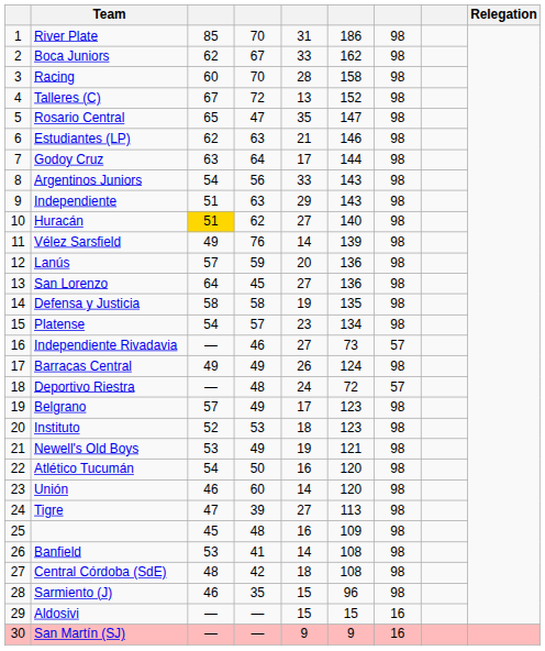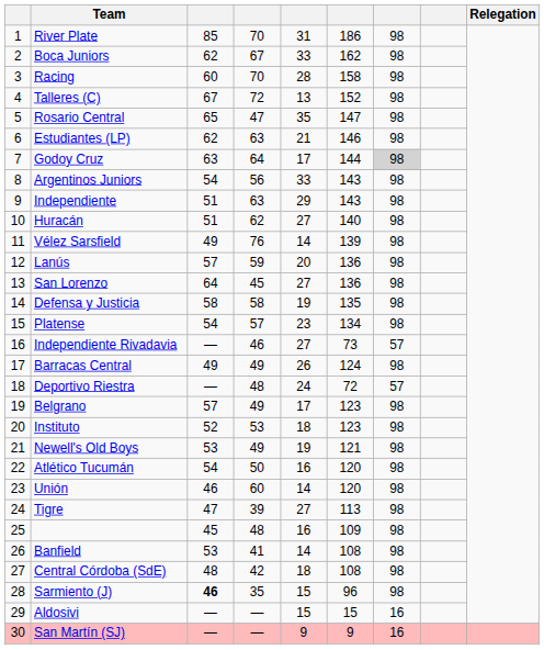 <table class="wikitable sortable" style="text-align: center;">
 <tr>
 <th width=25></th>
 <th width=185>Team</th>
 <th width=50></th>
 <th width=50></th>
 <th width=50></th>
 <th width=50></th>
 <th width=50></th>
 <th width=50></th>
 <th>Relegation</th>
 </tr>
 <tr>
 <td>1</td>
 <td align="left"><a href='#'>River Plate</a></td>
 <td>85</td>
 <td>70</td>
 <td>31</td>
 <td>186</td>
 <td>98</td>
 <td><strong></strong></td>
 <td rowspan=29></td>
 </tr>
 <tr>
 <td>2</td>
 <td align="left"><a href='#'>Boca Juniors</a></td>
 <td>62</td>
 <td>67</td>
 <td>33</td>
 <td>162</td>
 <td>98</td>
 <td><strong></strong></td>
 </tr>
 <tr>
 <td>3</td>
 <td align="left"><a href='#'>Racing</a></td>
 <td>60</td>
 <td>70</td>
 <td>28</td>
 <td>158</td>
 <td>98</td>
 <td><strong></strong></td>
 </tr>
 <tr>
 <td>4</td>
 <td align="left"><a href='#'>Talleres (C)</a></td>
 <td>67</td>
 <td>72</td>
 <td>13</td>
 <td>152</td>
 <td>98</td>
 <td><strong></strong></td>
 </tr>
 <tr>
 <td>5</td>
 <td align="left"><a href='#'>Rosario Central</a></td>
 <td>65</td>
 <td>47</td>
 <td>35</td>
 <td>147</td>
 <td>98</td>
 <td><strong></strong></td>
 </tr>
 <tr>
 <td>6</td>
 <td align="left"><a href='#'>Estudiantes (LP)</a></td>
 <td>62</td>
 <td>63</td>
 <td>21</td>
 <td>146</td>
 <td>98</td>
 <td><strong></strong></td>
 </tr>
 <tr>
 <td>7</td>
 <td align="left"><a href='#'>Godoy Cruz</a></td>
 <td>63</td>
 <td>64</td>
 <td>17</td>
 <td>144</td>
-<td>98</td>
+<td style="background: lightgrey;">98</td>
 <td><strong></strong></td>
 </tr>
 <tr>
 <td>8</td>
 <td align="left"><a href='#'>Argentinos Juniors</a></td>
 <td>54</td>
 <td>56</td>
 <td>33</td>
 <td>143</td>
 <td>98</td>
 <td><strong></strong></td>
 </tr>
 <tr>
 <td>9</td>
 <td align="left"><a href='#'>Independiente</a></td>
 <td>51</td>
 <td>63</td>
 <td>29</td>
 <td>143</td>
 <td>98</td>
 <td><strong></strong></td>
 </tr>
 <tr>
 <td>10</td>
 <td align="left"><a href='#'>Huracán</a></td>
-<td style="background: gold;">51</td>
+<td>51</td>
 <td>62</td>
 <td>27</td>
 <td>140</td>
 <td>98</td>
 <td><strong></strong></td>
 </tr>
 <tr>
 <td>11</td>
 <td align="left"><a href='#'>Vélez Sarsfield</a></td>
 <td>49</td>
 <td>76</td>
 <td>14</td>
 <td>139</td>
 <td>98</td>
 <td><strong></strong></td>
 </tr>
 <tr>
 <td>12</td>
 <td align="left"><a href='#'>Lanús</a></td>
 <td>57</td>
 <td>59</td>
 <td>20</td>
 <td>136</td>
 <td>98</td>
 <td><strong></strong></td>
 </tr>
 <tr>
 <td>13</td>
 <td align="left"><a href='#'>San Lorenzo</a></td>
 <td>64</td>
 <td>45</td>
 <td>27</td>
 <td>136</td>
 <td>98</td>
 <td><strong></strong></td>
 </tr>
 <tr>
 <td>14</td>
 <td align="left"><a href='#'>Defensa y Justicia</a></td>
 <td>58</td>
 <td>58</td>
 <td>19</td>
 <td>135</td>
 <td>98</td>
 <td><strong></strong></td>
 </tr>
 <tr>
 <td>15</td>
 <td align="left"><a href='#'>Platense</a></td>
 <td>54</td>
 <td>57</td>
 <td>23</td>
 <td>134</td>
 <td>98</td>
 <td><strong></strong></td>
 </tr>
 <tr>
 <td>16</td>
 <td align="left"><a href='#'>Independiente Rivadavia</a></td>
 <td>—</td>
 <td>46</td>
 <td>27</td>
 <td>73</td>
 <td>57</td>
 <td><strong></strong></td>
 </tr>
 <tr>
 <td>17</td>
 <td align="left"><a href='#'>Barracas Central</a></td>
 <td>49</td>
 <td>49</td>
 <td>26</td>
 <td>124</td>
 <td>98</td>
 <td><strong></strong></td>
 </tr>
 <tr>
 <td>18</td>
 <td align="left"><a href='#'>Deportivo Riestra</a></td>
 <td>—</td>
 <td>48</td>
 <td>24</td>
 <td>72</td>
 <td>57</td>
 <td><strong></strong></td>
 </tr>
 <tr>
 <td>19</td>
 <td align="left"><a href='#'>Belgrano</a></td>
 <td>57</td>
 <td>49</td>
 <td>17</td>
 <td>123</td>
 <td>98</td>
 <td><strong></strong></td>
 </tr>
 <tr>
 <td>20</td>
 <td align="left"><a href='#'>Instituto</a></td>
 <td>52</td>
 <td>53</td>
 <td>18</td>
 <td>123</td>
 <td>98</td>
 <td><strong></strong></td>
 </tr>
 <tr>
 <td>21</td>
 <td align="left"><a href='#'>Newell's Old Boys</a></td>
 <td>53</td>
 <td>49</td>
 <td>19</td>
 <td>121</td>
 <td>98</td>
 <td><strong></strong></td>
 </tr>
 <tr>
 <td>22</td>
 <td align="left"><a href='#'>Atlético Tucumán</a></td>
 <td>54</td>
 <td>50</td>
 <td>16</td>
 <td>120</td>
 <td>98</td>
 <td><strong></strong></td>
 </tr>
 <tr>
 <td>23</td>
 <td align="left"><a href='#'>Unión</a></td>
 <td>46</td>
 <td>60</td>
 <td>14</td>
 <td>120</td>
 <td>98</td>
 <td><strong></strong></td>
 </tr>
 <tr>
 <td>24</td>
 <td align="left"><a href='#'>Tigre</a></td>
 <td>47</td>
 <td>39</td>
 <td>27</td>
 <td>113</td>
 <td>98</td>
 <td><strong></strong></td>
 </tr>
 <tr>
 <td>25</td>
 <td align="left"></td>
 <td>45</td>
 <td>48</td>
 <td>16</td>
 <td>109</td>
 <td>98</td>
 <td><strong></strong></td>
 </tr>
 <tr>
 <td>26</td>
 <td align="left"><a href='#'>Banfield</a></td>
 <td>53</td>
 <td>41</td>
 <td>14</td>
 <td>108</td>
 <td>98</td>
 <td><strong></strong></td>
 </tr>
 <tr>
 <td>27</td>
 <td align="left"><a href='#'>Central Córdoba (SdE)</a></td>
 <td>48</td>
 <td>42</td>
 <td>18</td>
 <td>108</td>
 <td>98</td>
 <td><strong></strong></td>
 </tr>
 <tr>
 <td>28</td>
 <td align="left"><a href='#'>Sarmiento (J)</a></td>
-<td>46</td>
+<td><strong>46</strong></td>
 <td>35</td>
 <td>15</td>
 <td>96</td>
 <td>98</td>
 <td><strong></strong></td>
 </tr>
 <tr>
 <td>29</td>
 <td align="left"><a href='#'>Aldosivi</a></td>
 <td>—</td>
 <td>—</td>
 <td>15</td>
 <td>15</td>
 <td>16</td>
 <td><strong></strong></td>
 </tr>
 <tr bgcolor=#FFBBBB>
 <td>30</td>
 <td align="left"><a href='#'>San Martín (SJ)</a></td>
 <td>—</td>
 <td>—</td>
 <td>9</td>
 <td>9</td>
 <td>16</td>
 <td><strong></strong></td>
 <td></td>
 </tr>
 </table>
